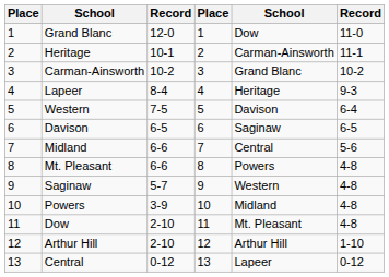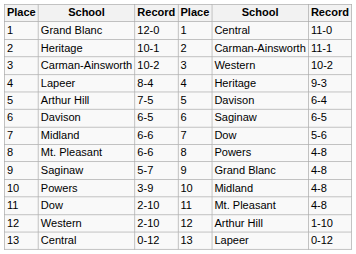 <table class="wikitable mw-collapsible mw-collapsed">
 <tr>
 <th>Place</th>
 <th>School</th>
 <th>Record</th>
 <th>Place</th>
 <th>School</th>
 <th>Record</th>
 </tr>
 <tr>
 <td>1</td>
 <td>Grand Blanc</td>
 <td>12-0</td>
 <td>1</td>
-<td>Dow</td>
+<td>Central</td>
 <td>11-0</td>
 </tr>
 <tr>
 <td>2</td>
 <td>Heritage</td>
 <td>10-1</td>
 <td>2</td>
 <td>Carman-Ainsworth</td>
 <td>11-1</td>
 </tr>
 <tr>
 <td>3</td>
 <td>Carman-Ainsworth</td>
 <td>10-2</td>
 <td>3</td>
-<td>Grand Blanc</td>
+<td>Western</td>
 <td>10-2</td>
 </tr>
 <tr>
 <td>4</td>
 <td>Lapeer</td>
 <td>8-4</td>
 <td>4</td>
 <td>Heritage</td>
 <td>9-3</td>
 </tr>
 <tr>
 <td>5</td>
-<td>Western</td>
+<td>Arthur Hill</td>
 <td>7-5</td>
 <td>5</td>
 <td>Davison</td>
 <td>6-4</td>
 </tr>
 <tr>
 <td>6</td>
 <td>Davison</td>
 <td>6-5</td>
 <td>6</td>
 <td>Saginaw</td>
 <td>6-5</td>
 </tr>
 <tr>
 <td>7</td>
 <td>Midland</td>
 <td>6-6</td>
 <td>7</td>
-<td>Central</td>
+<td>Dow</td>
 <td>5-6</td>
 </tr>
 <tr>
 <td>8</td>
 <td>Mt. Pleasant</td>
 <td>6-6</td>
 <td>8</td>
 <td>Powers</td>
 <td>4-8</td>
 </tr>
 <tr>
 <td>9</td>
 <td>Saginaw</td>
 <td>5-7</td>
 <td>9</td>
-<td>Western</td>
+<td>Grand Blanc</td>
 <td>4-8</td>
 </tr>
 <tr>
 <td>10</td>
 <td>Powers</td>
 <td>3-9</td>
 <td>10</td>
 <td>Midland</td>
 <td>4-8</td>
 </tr>
 <tr>
 <td>11</td>
 <td>Dow</td>
 <td>2-10</td>
 <td>11</td>
 <td>Mt. Pleasant</td>
 <td>4-8</td>
 </tr>
 <tr>
 <td>12</td>
-<td>Arthur Hill</td>
+<td>Western</td>
 <td>2-10</td>
 <td>12</td>
 <td>Arthur Hill</td>
 <td>1-10</td>
 </tr>
 <tr>
 <td>13</td>
 <td>Central</td>
 <td>0-12</td>
 <td>13</td>
 <td>Lapeer</td>
 <td>0-12</td>
 </tr>
 </table>
